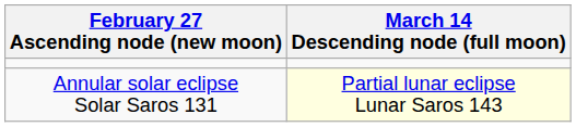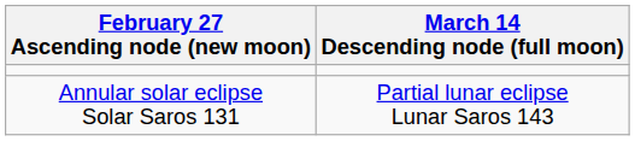 <table class="wikitable">
 <tr>
 <th><a href='#'>February 27</a><br>Ascending node (new moon)<br></th>
 <th><a href='#'>March 14</a><br>Descending node (full moon)<br></th>
 </tr>
 <tr>
 <td></td>
 <td></td>
 </tr>
 <tr align=center>
 <td><a href='#'>Annular solar eclipse</a><br>Solar Saros 131</td>
-<td style="background: lightyellow;"><a href='#'>Partial lunar eclipse</a><br>Lunar Saros 143</td>
+<td><a href='#'>Partial lunar eclipse</a><br>Lunar Saros 143</td>
 </tr>
 </table>
